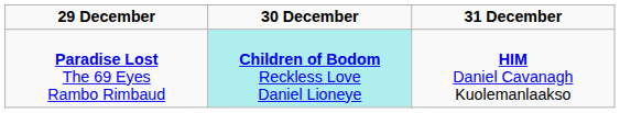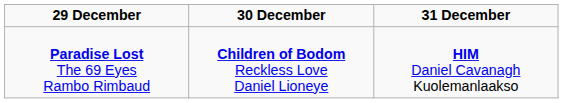 <table class="wikitable">
 <tr>
 <td colspan="1" style="text-align:center;"><strong>29 December</strong> <br></td>
 <td colspan="1" style="text-align:center;"><strong>30 December</strong> <br></td>
 <td colspan="1" style="text-align:center;"><strong>31 December</strong> <br></td>
 </tr>
 <tr>
 <td style="text-align:center; vertical-align:top; width:200px;"><br><strong><a href='#'>Paradise Lost</a></strong><br> <a href='#'>The 69 Eyes</a><br> <a href='#'>Rambo Rimbaud</a><br></td>
-<td style="background: paleturquoise; text-align:center; vertical-align:top; width:200px;"><br><strong><a href='#'>Children of Bodom</a></strong><br> <a href='#'>Reckless Love</a><br> <a href='#'>Daniel Lioneye</a><br></td>
+<td style="text-align:center; vertical-align:top; width:200px;"><br><strong><a href='#'>Children of Bodom</a></strong><br> <a href='#'>Reckless Love</a><br> <a href='#'>Daniel Lioneye</a><br></td>
 <td style="text-align:center; vertical-align:top; width:200px;"><br><strong><a href='#'>HIM</a></strong><br> <a href='#'>Daniel Cavanagh</a><br> Kuolemanlaakso<br></td>
 </tr>
 </table>
